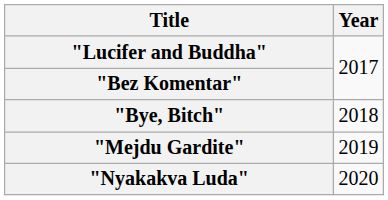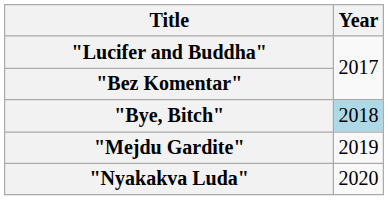 <table class="wikitable plainrowheaders" style="text-align:center;">
 <tr>
 <th scope="col" style="width:16em;">Title</th>
 <th scope="col">Year</th>
 </tr>
 <tr>
 <th scope="row">"Lucifer and Buddha"<br></th>
 <td rowspan="2">2017</td>
 </tr>
 <tr>
 <th scope="row">"Bez Komentar"</th>
 </tr>
 <tr>
 <th scope="row">"Bye, Bitch"</th>
-<td>2018</td>
+<td style="background: lightblue;">2018</td>
 </tr>
 <tr>
 <th scope="row">"Mejdu Gardite"</th>
 <td>2019</td>
 </tr>
 <tr>
 <th>"Nyakakva Luda"</th>
 <td>2020</td>
 </tr>
 </table>
